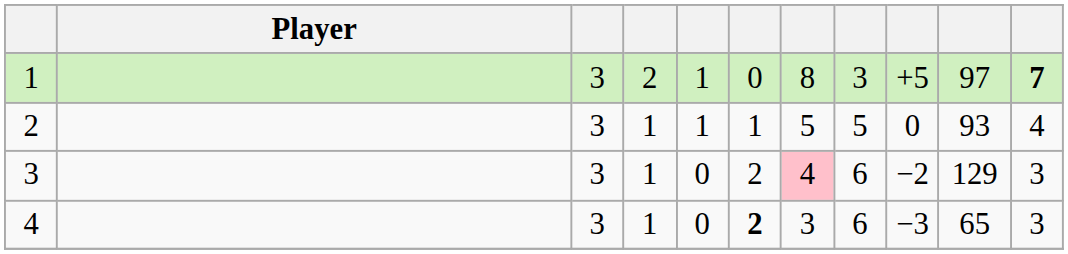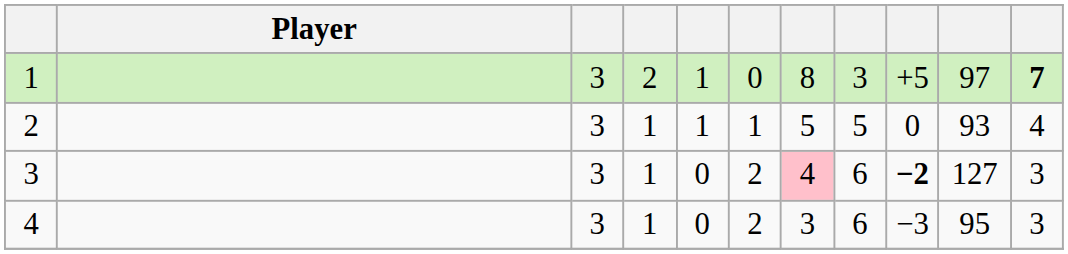 <table class="wikitable" style="text-align:center;">
 <tr>
 <th width=20></th>
 <th width=260>Player</th>
 <th width=20></th>
 <th width=20></th>
 <th width=20></th>
 <th width=20></th>
 <th width=20></th>
 <th width=20></th>
 <th width=20></th>
 <th width=30></th>
 <th width=20></th>
 </tr>
 <tr style="background:#D0F0C0;">
 <td>1</td>
 <td align=left> <small></small></td>
 <td>3</td>
 <td>2</td>
 <td>1</td>
 <td>0</td>
 <td>8</td>
 <td>3</td>
 <td>+5</td>
 <td>97</td>
 <td><strong>7</strong></td>
 </tr>
 <tr>
 <td>2</td>
 <td align=left> <small></small></td>
 <td>3</td>
 <td>1</td>
 <td>1</td>
 <td>1</td>
 <td>5</td>
 <td>5</td>
 <td>0</td>
 <td>93</td>
 <td>4</td>
 </tr>
 <tr>
 <td>3</td>
 <td align=left> <small></small></td>
 <td>3</td>
 <td>1</td>
 <td>0</td>
 <td>2</td>
 <td style="background: pink;">4</td>
 <td>6</td>
-<td>−2</td>
-<td>129</td>
+<td><strong>−2</strong></td>
+<td>127</td>
 <td>3</td>
 </tr>
 <tr>
 <td>4</td>
 <td align=left> <small></small></td>
 <td>3</td>
 <td>1</td>
 <td>0</td>
-<td><strong>2</strong></td>
+<td>2</td>
 <td>3</td>
 <td>6</td>
 <td>−3</td>
-<td>65</td>
+<td>95</td>
 <td>3</td>
 </tr>
 <tr>
 </tr>
 </table>
